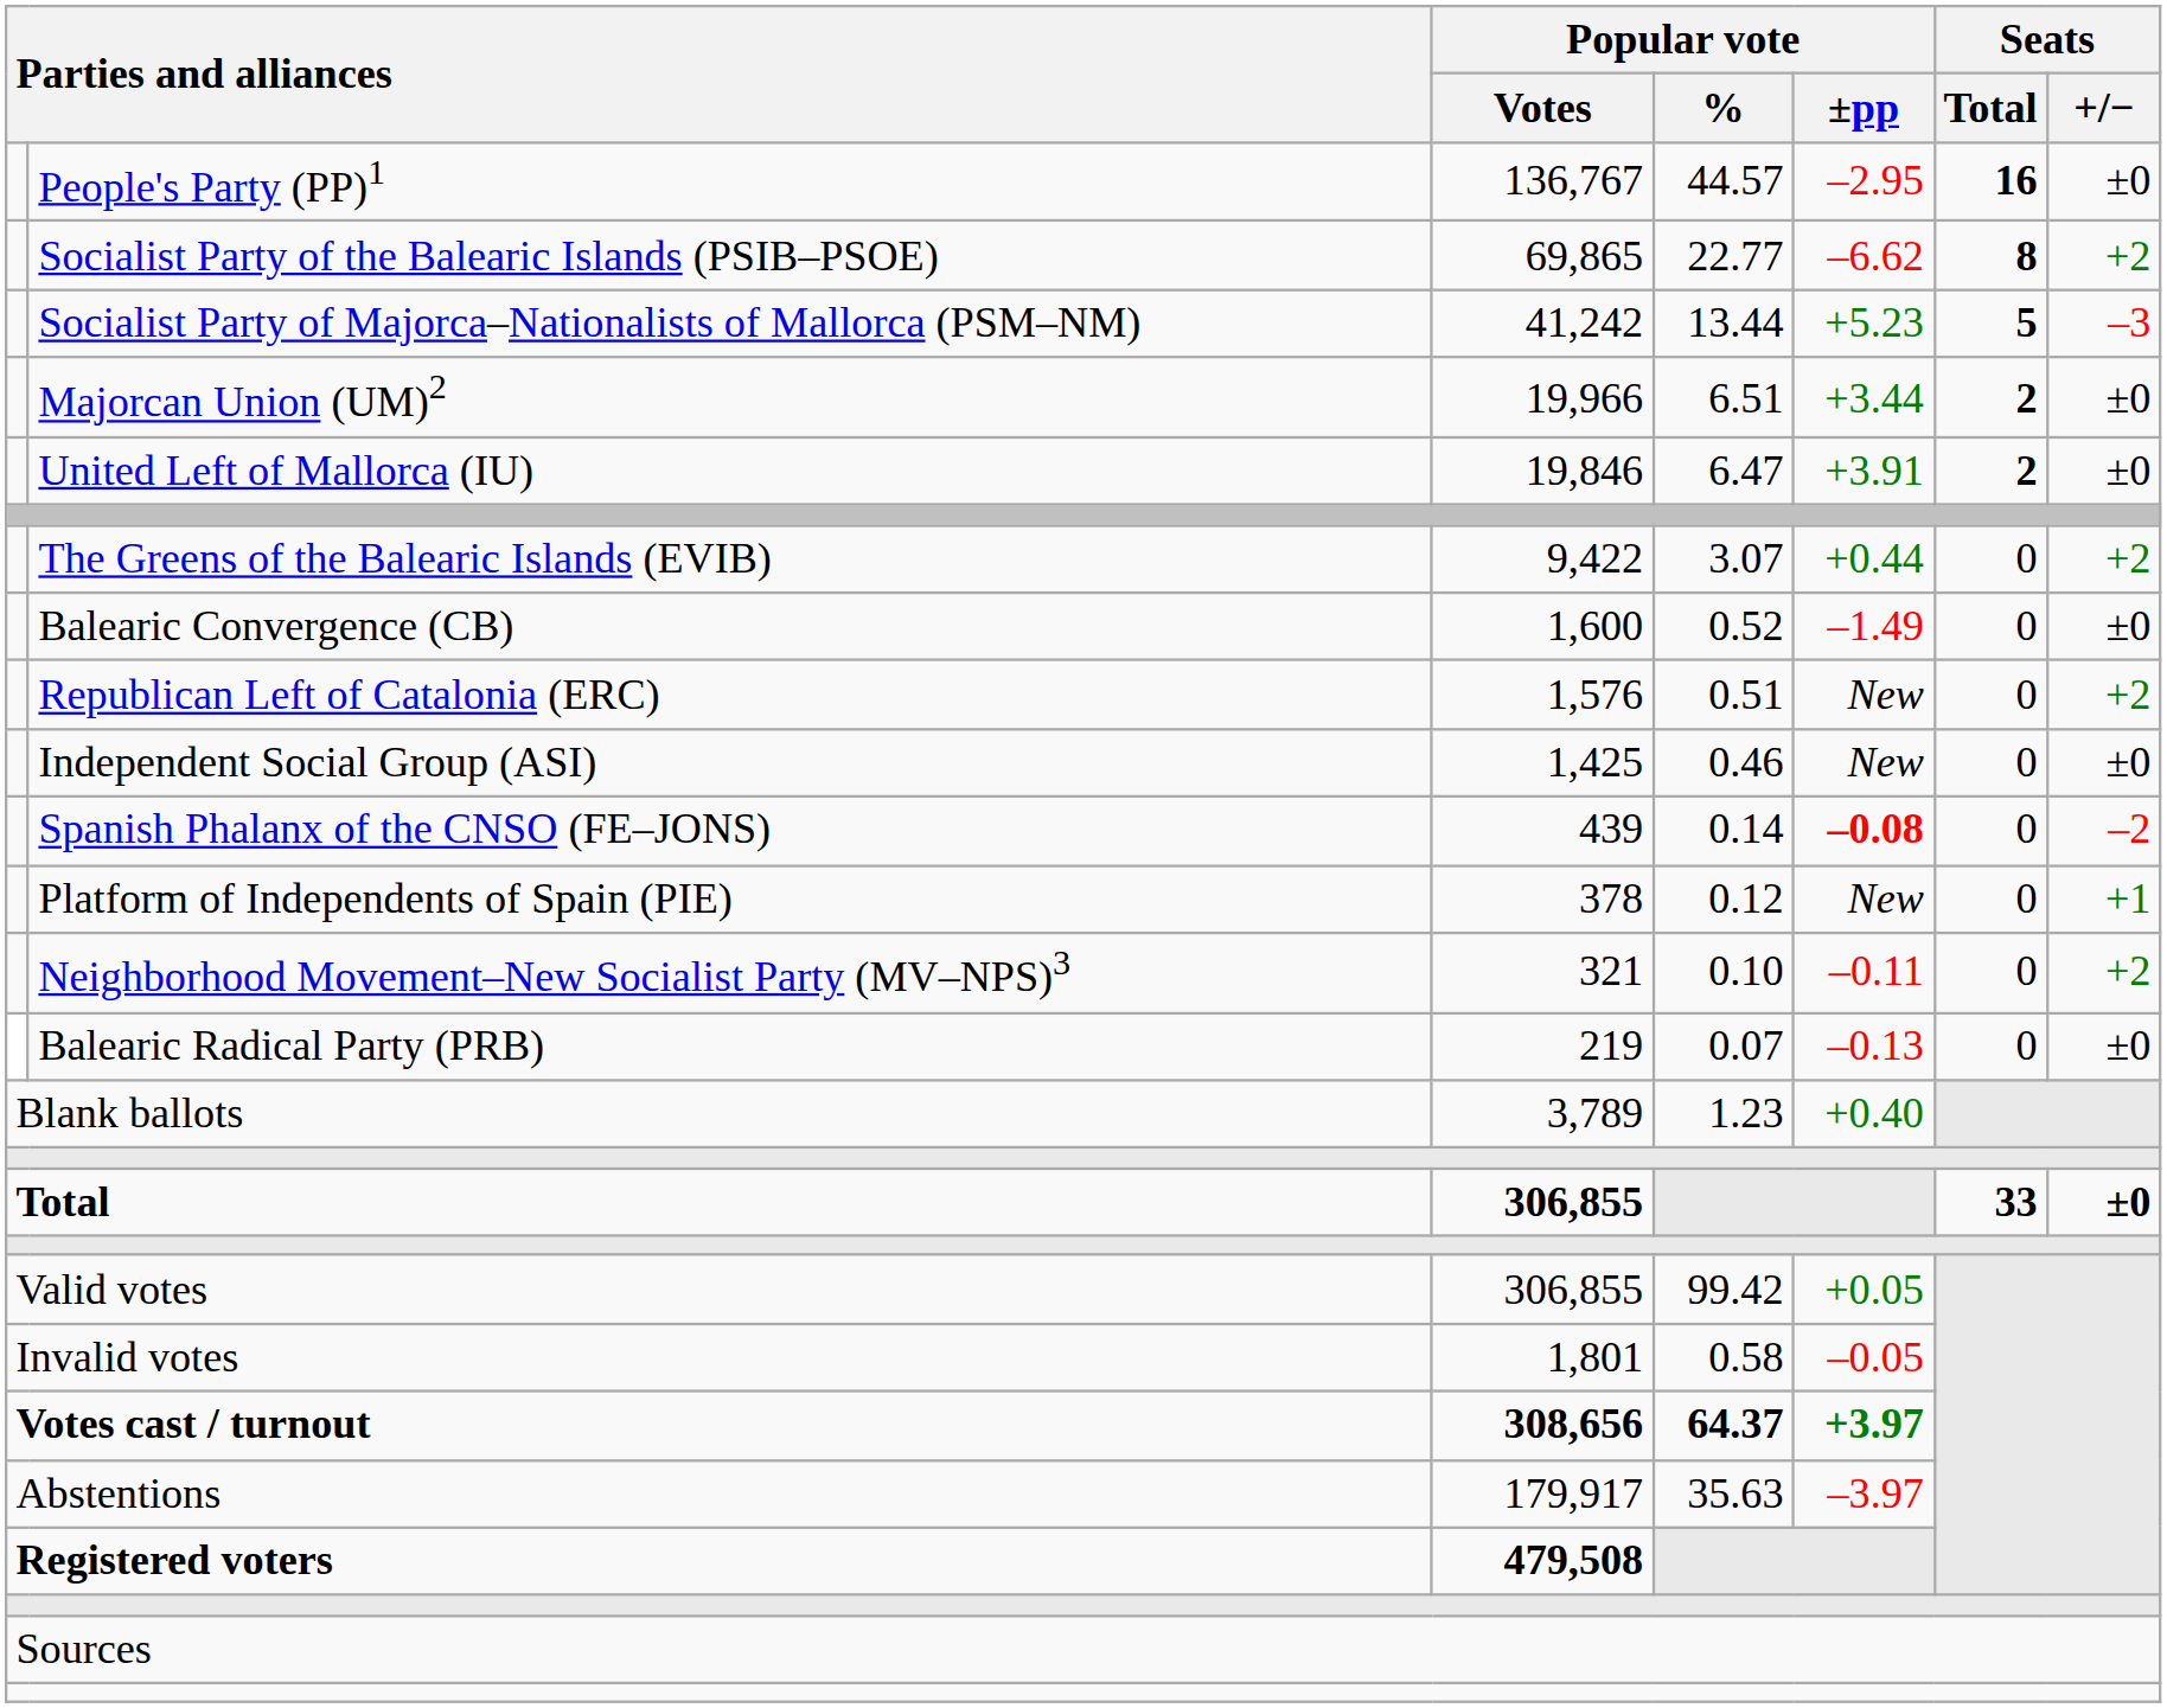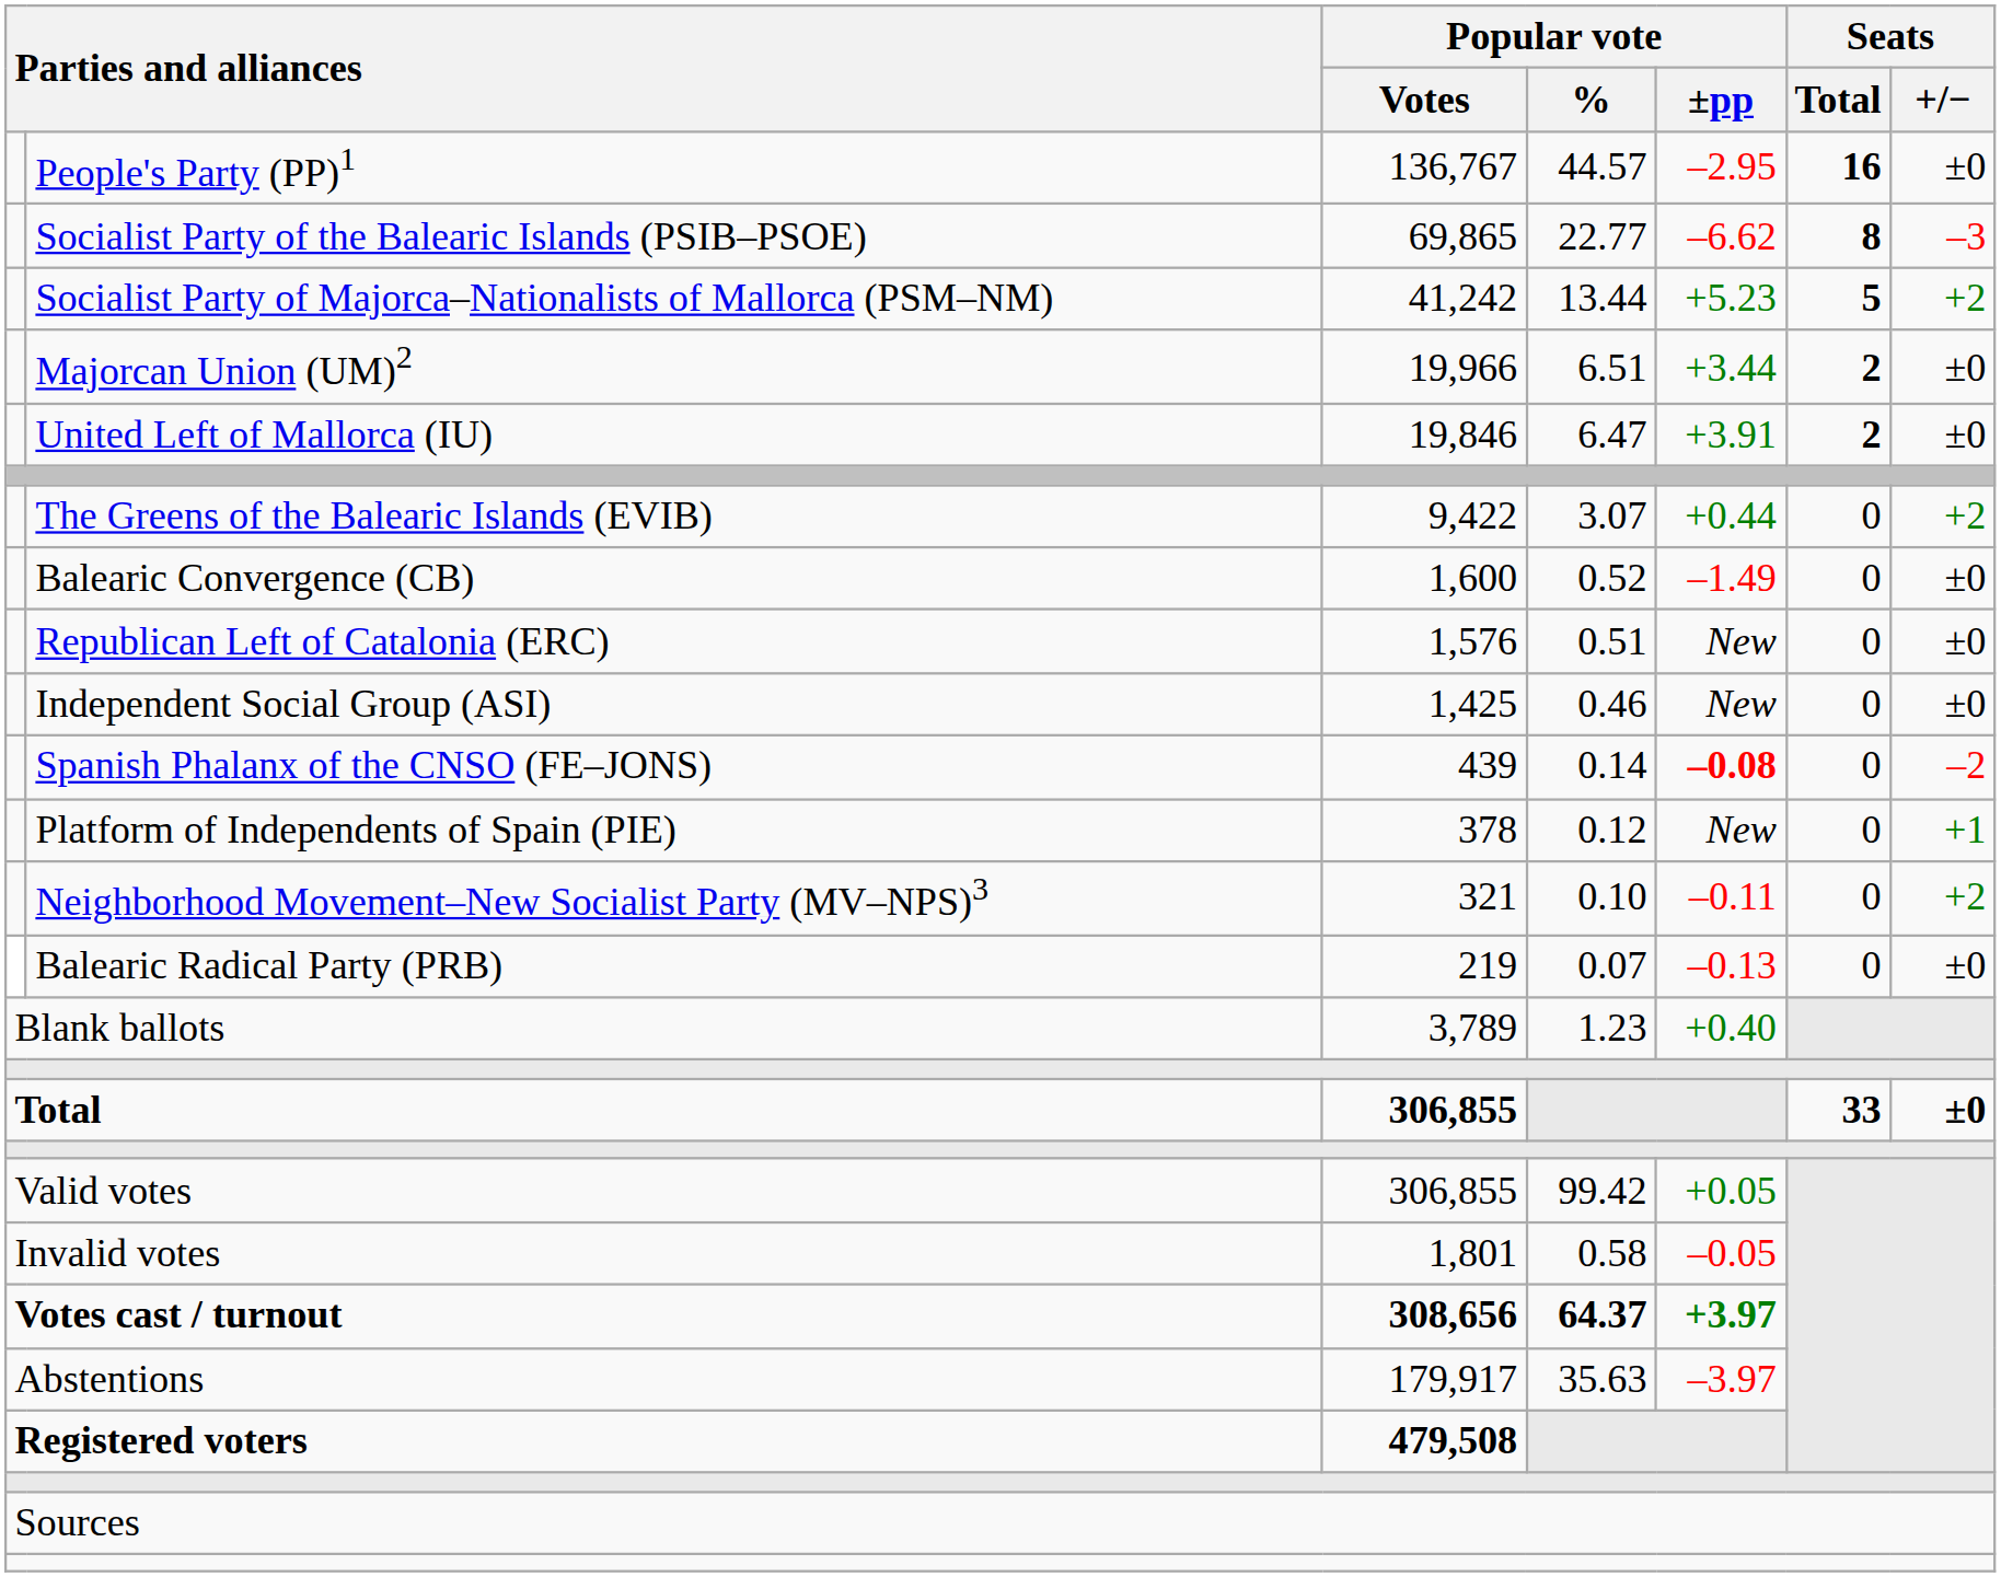 <table class="wikitable" style="text-align:right;">
 <tr>
 <th style="text-align:left;" rowspan="2" colspan="2" width="525">Parties and alliances</th>
 <th colspan="3">Popular vote</th>
 <th colspan="2">Seats</th>
 </tr>
 <tr>
 <th width="75">Votes</th>
 <th width="45">%</th>
 <th width="45">±<a href='#'>pp</a></th>
 <th width="35">Total</th>
 <th width="35">+/−</th>
 </tr>
 <tr>
 <td width="1" style="color:inherit;background:"></td>
 <td align="left"><a href='#'>People's Party</a> (PP)<sup>1</sup></td>
 <td>136,767</td>
 <td>44.57</td>
 <td style="color:red;">–2.95</td>
 <td><strong>16</strong></td>
 <td>±0</td>
 </tr>
 <tr>
 <td style="color:inherit;background:"></td>
 <td align="left"><a href='#'>Socialist Party of the Balearic Islands</a> (PSIB–PSOE)</td>
 <td>69,865</td>
 <td>22.77</td>
 <td style="color:red;">–6.62</td>
 <td><strong>8</strong></td>
-<td style="color:green;">+2</td>
+<td style="color:red;">–3</td>
 </tr>
 <tr>
 <td style="color:inherit;background:"></td>
 <td align="left"><a href='#'>Socialist Party of Majorca</a>–<a href='#'>Nationalists of Mallorca</a> (PSM–NM)</td>
 <td>41,242</td>
 <td>13.44</td>
 <td style="color:green;">+5.23</td>
 <td><strong>5</strong></td>
-<td style="color:red;">–3</td>
+<td style="color:green;">+2</td>
 </tr>
 <tr>
 <td style="color:inherit;background:"></td>
 <td align="left"><a href='#'>Majorcan Union</a> (UM)<sup>2</sup></td>
 <td>19,966</td>
 <td>6.51</td>
 <td style="color:green;">+3.44</td>
 <td><strong>2</strong></td>
 <td>±0</td>
 </tr>
 <tr>
 <td style="color:inherit;background:"></td>
 <td align="left"><a href='#'>United Left of Mallorca</a> (IU)</td>
 <td>19,846</td>
 <td>6.47</td>
 <td style="color:green;">+3.91</td>
 <td><strong>2</strong></td>
 <td>±0</td>
 </tr>
 <tr>
 <td colspan="7" bgcolor="#C0C0C0"></td>
 </tr>
 <tr>
 <td width="1" style="color:inherit;background:"></td>
 <td align="left"><a href='#'>The Greens of the Balearic Islands</a> (EVIB)</td>
 <td>9,422</td>
 <td>3.07</td>
 <td style="color:green;">+0.44</td>
 <td>0</td>
 <td style="color:green;">+2</td>
 </tr>
 <tr>
 <td style="color:inherit;background:"></td>
 <td align="left">Balearic Convergence (CB)</td>
 <td>1,600</td>
 <td>0.52</td>
 <td style="color:red;">–1.49</td>
 <td>0</td>
 <td>±0</td>
 </tr>
 <tr>
 <td style="color:inherit;background:"></td>
 <td align="left"><a href='#'>Republican Left of Catalonia</a> (ERC)</td>
 <td>1,576</td>
 <td>0.51</td>
 <td><em>New</em></td>
 <td>0</td>
-<td style="color:green;">+2</td>
+<td>±0</td>
 </tr>
 <tr>
 <td style="color:inherit;background:"></td>
 <td align="left">Independent Social Group (ASI)</td>
 <td>1,425</td>
 <td>0.46</td>
 <td><em>New</em></td>
 <td>0</td>
 <td>±0</td>
 </tr>
 <tr>
 <td style="color:inherit;background:"></td>
 <td align="left"><a href='#'>Spanish Phalanx of the CNSO</a> (FE–JONS)</td>
 <td>439</td>
 <td>0.14</td>
 <td style="color:red;"><strong>–0.08</strong></td>
 <td>0</td>
 <td style="color:red;">–2</td>
 </tr>
 <tr>
 <td style="color:inherit;background:"></td>
 <td align="left">Platform of Independents of Spain (PIE)</td>
 <td>378</td>
 <td>0.12</td>
 <td><em>New</em></td>
 <td>0</td>
 <td style="color:green;">+1</td>
 </tr>
 <tr>
 <td style="color:inherit;background:"></td>
 <td align="left"><a href='#'>Neighborhood Movement–New Socialist Party</a> (MV–NPS)<sup>3</sup></td>
 <td>321</td>
 <td>0.10</td>
 <td style="color:red;">–0.11</td>
 <td>0</td>
 <td style="color:green;">+2</td>
 </tr>
 <tr>
 <td bgcolor="white"></td>
 <td align="left">Balearic Radical Party (PRB)</td>
 <td>219</td>
 <td>0.07</td>
 <td style="color:red;">–0.13</td>
 <td>0</td>
 <td>±0</td>
 </tr>
 <tr>
 <td align="left" colspan="2">Blank ballots</td>
 <td>3,789</td>
 <td>1.23</td>
 <td style="color:green;">+0.40</td>
 <td bgcolor="#E9E9E9" colspan="2"></td>
 </tr>
 <tr>
 <td colspan="7" bgcolor="#E9E9E9"></td>
 </tr>
 <tr style="font-weight:bold;">
 <td align="left" colspan="2">Total</td>
 <td>306,855</td>
 <td bgcolor="#E9E9E9" colspan="2"></td>
 <td>33</td>
 <td>±0</td>
 </tr>
 <tr>
 <td colspan="7" bgcolor="#E9E9E9"></td>
 </tr>
 <tr>
 <td align="left" colspan="2">Valid votes</td>
 <td>306,855</td>
 <td>99.42</td>
 <td style="color:green;">+0.05</td>
 <td bgcolor="#E9E9E9" colspan="2" rowspan="5"></td>
 </tr>
 <tr>
 <td align="left" colspan="2">Invalid votes</td>
 <td>1,801</td>
 <td>0.58</td>
 <td style="color:red;">–0.05</td>
 </tr>
 <tr style="font-weight:bold;">
 <td align="left" colspan="2">Votes cast / turnout</td>
 <td>308,656</td>
 <td>64.37</td>
 <td style="color:green;">+3.97</td>
 </tr>
 <tr>
 <td align="left" colspan="2">Abstentions</td>
 <td>179,917</td>
 <td>35.63</td>
 <td style="color:red;">–3.97</td>
 </tr>
 <tr style="font-weight:bold;">
 <td align="left" colspan="2">Registered voters</td>
 <td>479,508</td>
 <td bgcolor="#E9E9E9" colspan="2"></td>
 </tr>
 <tr>
 <td colspan="7" bgcolor="#E9E9E9"></td>
 </tr>
 <tr>
 <td align="left" colspan="7">Sources</td>
 </tr>
 <tr>
 <td colspan="7" style="text-align:left; max-width:790px;"></td>
 </tr>
 </table>
